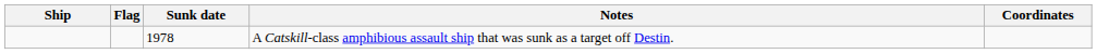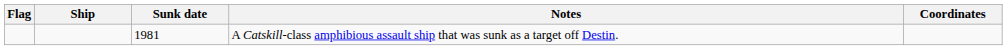 <table class=wikitable | style = "width:100%">
 <tr>
+<th>Flag</th>
 <th style="width:10%">Ship</th>
-<th>Flag</th>
 <th style="width:10%">Sunk date</th>
 <th style="width:70%">Notes</th>
 <th style="width:10%">Coordinates</th>
 </tr>
 <tr>
 <td></td>
 <td></td>
-<td>1978</td>
+<td>1981</td>
 <td>A <em>Catskill</em>-class <a href='#'>amphibious assault ship</a> that was sunk as a target off <a href='#'>Destin</a>.</td>
 <td></td>
 </tr>
 </table>
